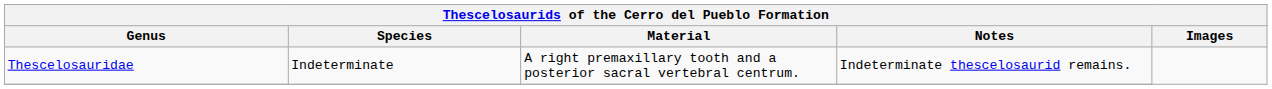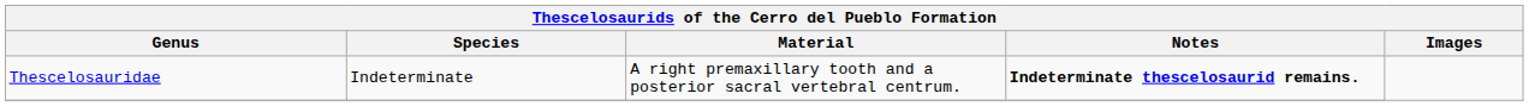 <table class="wikitable" align="center">
 <tr>
 <th colspan="5" align="center"><strong><a href='#'>Thescelosaurids</a> of the Cerro del Pueblo Formation</strong></th>
 </tr>
 <tr>
 <th>Genus</th>
 <th>Species</th>
 <th width="25%">Material</th>
 <th width="25%">Notes</th>
 <th>Images</th>
 </tr>
 <tr>
 <td><a href='#'>Thescelosauridae</a></td>
 <td>Indeterminate</td>
 <td>A right premaxillary tooth and a posterior sacral vertebral centrum.</td>
-<td>Indeterminate <a href='#'>thescelosaurid</a> remains.</td>
+<td><strong>Indeterminate <a href='#'>thescelosaurid</a> remains.</strong></td>
 </tr>
 <tr>
 </tr>
 </table>
